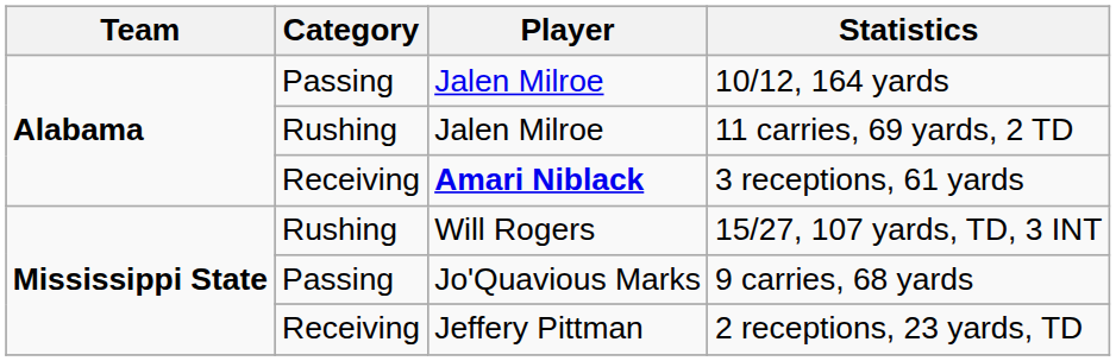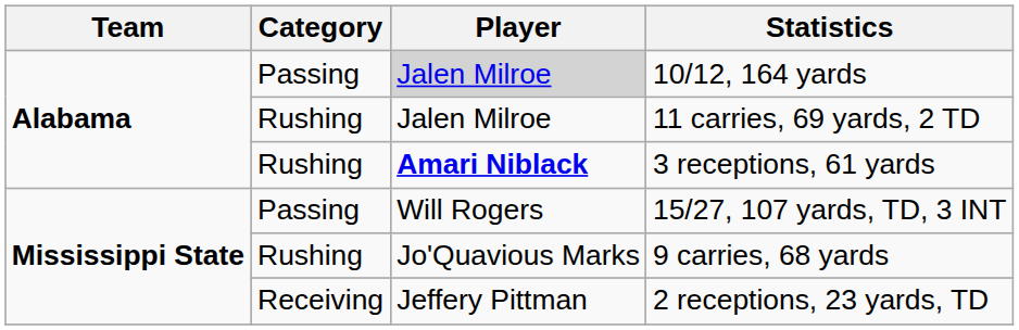 <table class="wikitable" style="float: right;">
 <tr>
 <th>Team</th>
 <th>Category</th>
 <th>Player</th>
 <th>Statistics</th>
 </tr>
 <tr>
 <td rowspan=3><strong>Alabama</strong></td>
 <td>Passing</td>
-<td><a href='#'>Jalen Milroe</a></td>
+<td style="background: lightgrey;"><a href='#'>Jalen Milroe</a></td>
 <td>10/12, 164 yards</td>
 </tr>
 <tr>
 <td>Rushing</td>
 <td>Jalen Milroe</td>
 <td>11 carries, 69 yards, 2 TD</td>
 </tr>
 <tr>
-<td>Receiving</td>
+<td>Rushing</td>
 <td><strong><a href='#'>Amari Niblack</a></strong></td>
 <td>3 receptions, 61 yards</td>
 </tr>
 <tr>
 <td rowspan=3><strong>Mississippi State</strong></td>
-<td>Rushing</td>
+<td>Passing</td>
 <td>Will Rogers</td>
 <td>15/27, 107 yards, TD, 3 INT</td>
 </tr>
 <tr>
-<td>Passing</td>
+<td>Rushing</td>
 <td>Jo'Quavious Marks</td>
 <td>9 carries, 68 yards</td>
 </tr>
 <tr>
 <td>Receiving</td>
 <td>Jeffery Pittman</td>
 <td>2 receptions, 23 yards, TD</td>
 </tr>
 </table>
